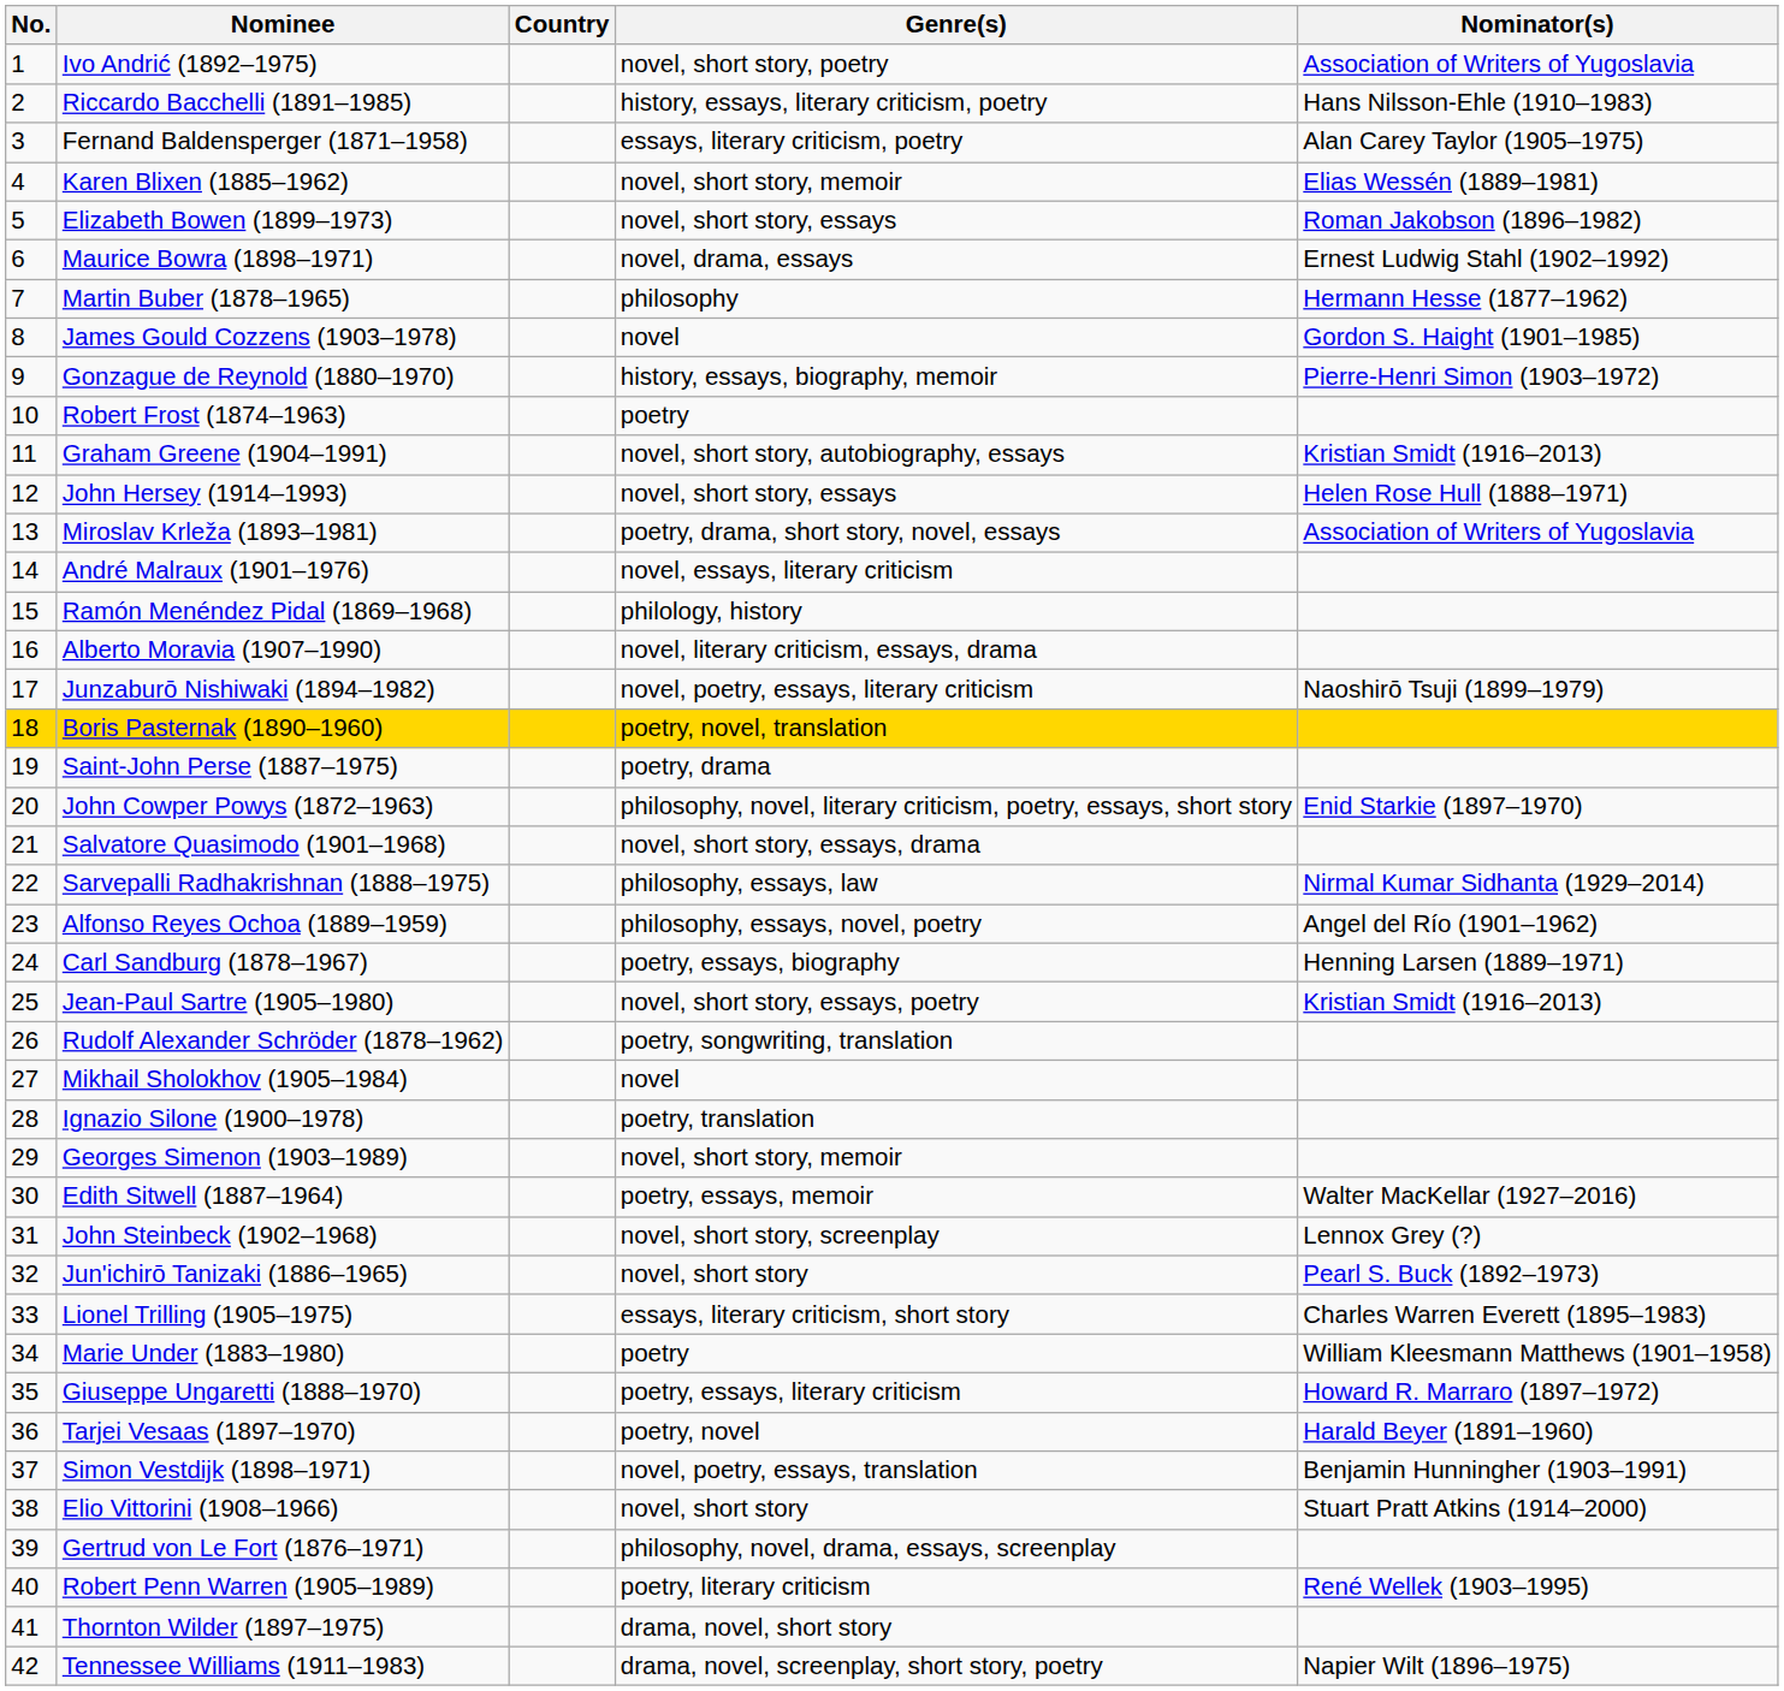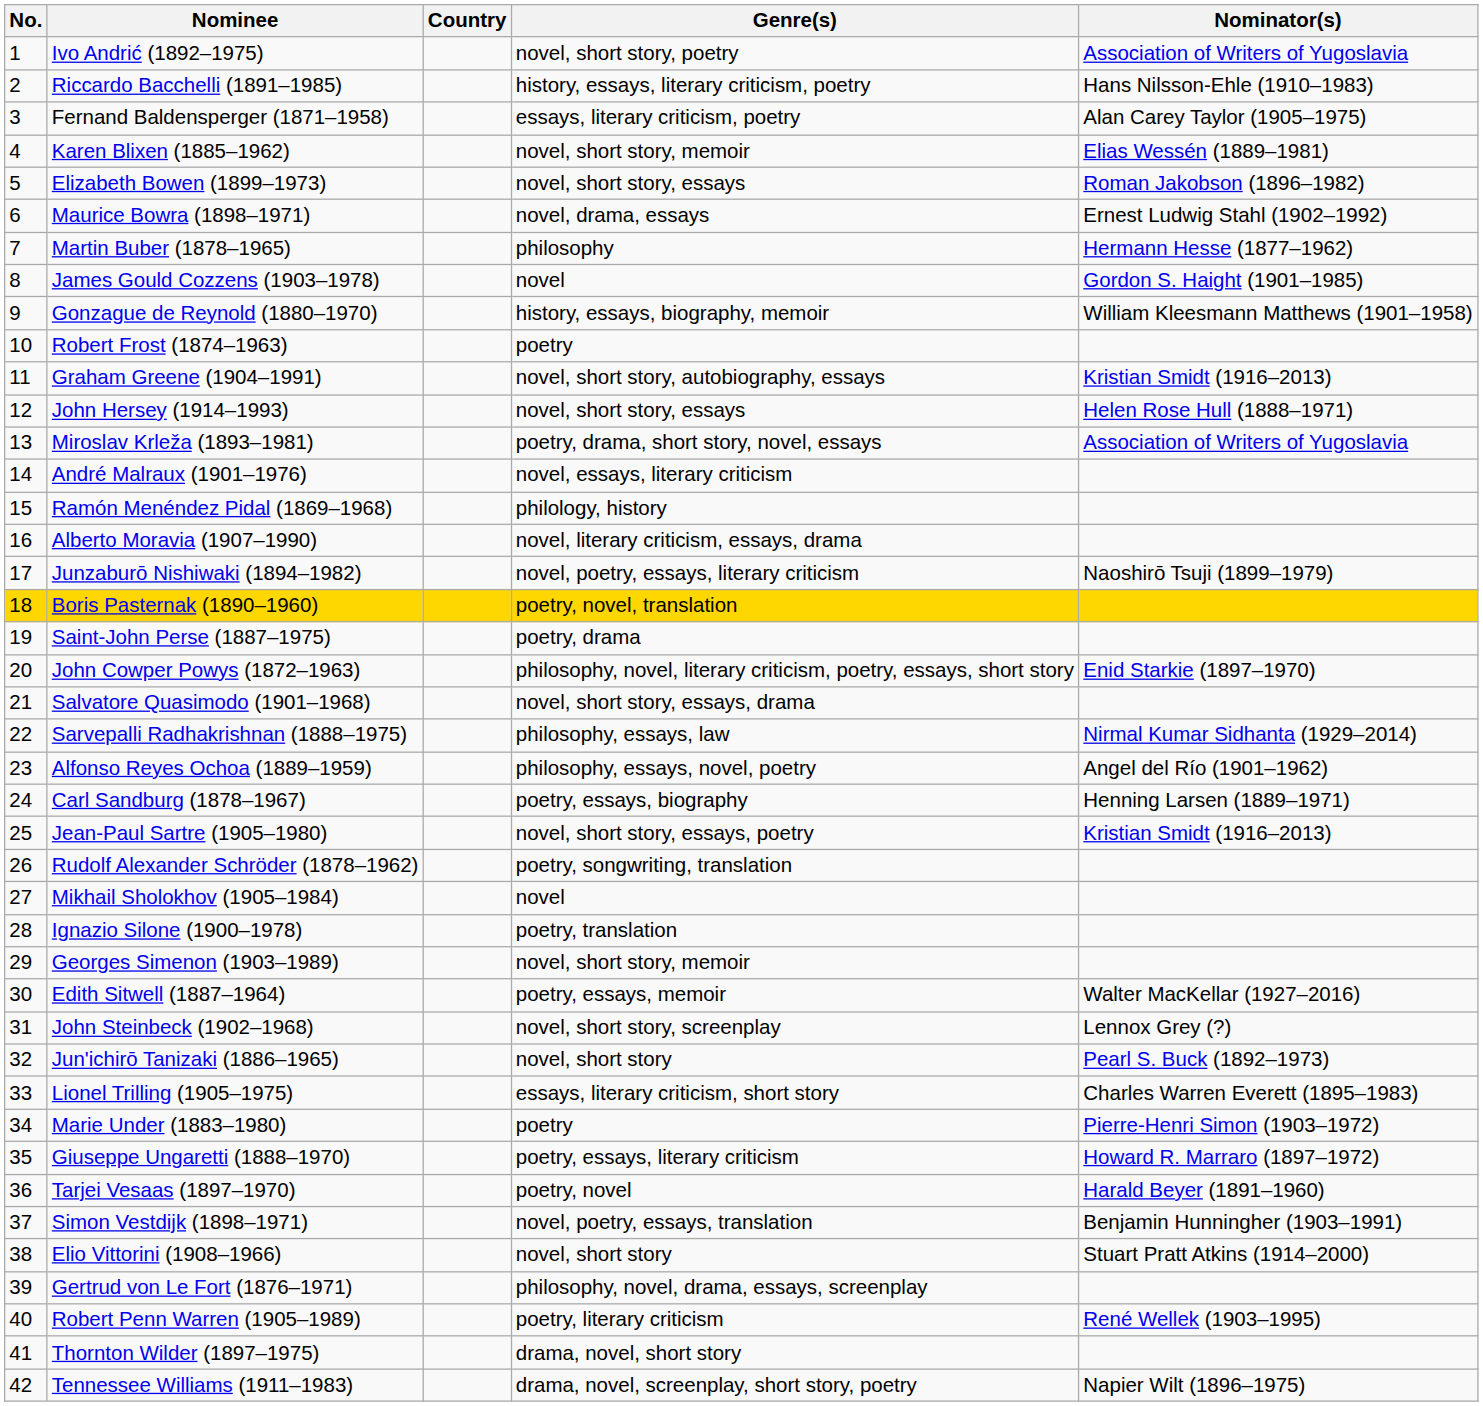 <table class="sortable wikitable mw-collapsible">
 <tr>
 <th scope=col>No.</th>
 <th scope=col>Nominee</th>
 <th scope=col>Country</th>
 <th scope=col>Genre(s)</th>
 <th scope=col>Nominator(s)</th>
 </tr>
 <tr>
 <td>1</td>
 <td><a href='#'>Ivo Andrić</a> (1892–1975)</td>
 <td></td>
 <td>novel, short story, poetry</td>
 <td><a href='#'>Association of Writers of Yugoslavia</a></td>
 </tr>
 <tr>
 <td>2</td>
 <td><a href='#'>Riccardo Bacchelli</a> (1891–1985)</td>
 <td></td>
 <td>history, essays, literary criticism, poetry</td>
 <td>Hans Nilsson-Ehle (1910–1983)</td>
 </tr>
 <tr>
 <td>3</td>
 <td>Fernand Baldensperger (1871–1958)</td>
 <td></td>
 <td>essays, literary criticism, poetry</td>
 <td>Alan Carey Taylor (1905–1975)</td>
 </tr>
 <tr>
 <td>4</td>
 <td><a href='#'>Karen Blixen</a> (1885–1962)</td>
 <td></td>
 <td>novel, short story, memoir</td>
 <td><a href='#'>Elias Wessén</a> (1889–1981)</td>
 </tr>
 <tr>
 <td>5</td>
 <td><a href='#'>Elizabeth Bowen</a> (1899–1973)</td>
 <td><br></td>
 <td>novel, short story, essays</td>
 <td><a href='#'>Roman Jakobson</a> (1896–1982)</td>
 </tr>
 <tr>
 <td>6</td>
 <td><a href='#'>Maurice Bowra</a> (1898–1971)</td>
 <td></td>
 <td>novel, drama, essays</td>
 <td>Ernest Ludwig Stahl (1902–1992)</td>
 </tr>
 <tr>
 <td>7</td>
 <td><a href='#'>Martin Buber</a> (1878–1965)</td>
 <td><br></td>
 <td>philosophy</td>
 <td> <a href='#'>Hermann Hesse</a> (1877–1962)</td>
 </tr>
 <tr>
 <td>8</td>
 <td><a href='#'>James Gould Cozzens</a> (1903–1978)</td>
 <td></td>
 <td>novel</td>
 <td><a href='#'>Gordon S. Haight</a> (1901–1985)</td>
 </tr>
 <tr>
 <td>9</td>
 <td><a href='#'>Gonzague de Reynold</a> (1880–1970)</td>
 <td></td>
 <td>history, essays, biography, memoir</td>
-<td><a href='#'>Pierre-Henri Simon</a> (1903–1972)</td>
+<td>William Kleesmann Matthews (1901–1958)</td>
 </tr>
 <tr>
 <td>10</td>
 <td><a href='#'>Robert Frost</a> (1874–1963)</td>
 <td></td>
 <td>poetry</td>
 <td></td>
 </tr>
 <tr>
 <td>11</td>
 <td><a href='#'>Graham Greene</a> (1904–1991)</td>
 <td></td>
 <td>novel, short story, autobiography, essays</td>
 <td><a href='#'>Kristian Smidt</a> (1916–2013)</td>
 </tr>
 <tr>
 <td>12</td>
 <td><a href='#'>John Hersey</a> (1914–1993)</td>
 <td></td>
 <td>novel, short story, essays</td>
 <td><a href='#'>Helen Rose Hull</a> (1888–1971)</td>
 </tr>
 <tr>
 <td>13</td>
 <td><a href='#'>Miroslav Krleža</a> (1893–1981)</td>
 <td></td>
 <td>poetry, drama, short story, novel, essays</td>
 <td><a href='#'>Association of Writers of Yugoslavia</a></td>
 </tr>
 <tr>
 <td>14</td>
 <td><a href='#'>André Malraux</a> (1901–1976)</td>
 <td></td>
 <td>novel, essays, literary criticism</td>
 <td></td>
 </tr>
 <tr>
 <td>15</td>
 <td><a href='#'>Ramón Menéndez Pidal</a> (1869–1968)</td>
 <td></td>
 <td>philology, history</td>
 <td></td>
 </tr>
 <tr>
 <td>16</td>
 <td><a href='#'>Alberto Moravia</a> (1907–1990)</td>
 <td></td>
 <td>novel, literary criticism, essays, drama</td>
 <td></td>
 </tr>
 <tr>
 <td>17</td>
 <td><a href='#'>Junzaburō Nishiwaki</a> (1894–1982)</td>
 <td></td>
 <td>novel, poetry, essays, literary criticism</td>
 <td>Naoshirō Tsuji (1899–1979)</td>
 </tr>
 <tr>
 <td style="background:gold;white-space:nowrap">18</td>
 <td style="background:gold;white-space:nowrap"><a href='#'>Boris Pasternak</a> (1890–1960)</td>
 <td style="background:gold;white-space:nowrap"></td>
 <td style="background:gold;white-space:nowrap">poetry, novel, translation</td>
 <td style="background:gold;white-space:nowrap"></td>
 </tr>
 <tr>
 <td>19</td>
 <td><a href='#'>Saint-John Perse</a> (1887–1975)</td>
 <td></td>
 <td>poetry, drama</td>
 <td></td>
 </tr>
 <tr>
 <td>20</td>
 <td><a href='#'>John Cowper Powys</a> (1872–1963)</td>
 <td></td>
 <td>philosophy, novel, literary criticism, poetry, essays, short story</td>
 <td><a href='#'>Enid Starkie</a> (1897–1970)</td>
 </tr>
 <tr>
 <td>21</td>
 <td><a href='#'>Salvatore Quasimodo</a> (1901–1968)</td>
 <td></td>
 <td>novel, short story, essays, drama</td>
 <td></td>
 </tr>
 <tr>
 <td>22</td>
 <td><a href='#'>Sarvepalli Radhakrishnan</a> (1888–1975)</td>
 <td></td>
 <td>philosophy, essays, law</td>
 <td><a href='#'>Nirmal Kumar Sidhanta</a> (1929–2014)</td>
 </tr>
 <tr>
 <td>23</td>
 <td><a href='#'>Alfonso Reyes Ochoa</a> (1889–1959)</td>
 <td></td>
 <td>philosophy, essays, novel, poetry</td>
 <td>Angel del Río (1901–1962)</td>
 </tr>
 <tr>
 <td>24</td>
 <td><a href='#'>Carl Sandburg</a> (1878–1967)</td>
 <td></td>
 <td>poetry, essays, biography</td>
 <td>Henning Larsen (1889–1971)</td>
 </tr>
 <tr>
 <td>25</td>
 <td><a href='#'>Jean-Paul Sartre</a> (1905–1980)</td>
 <td></td>
 <td>novel, short story, essays, poetry</td>
 <td><a href='#'>Kristian Smidt</a> (1916–2013)</td>
 </tr>
 <tr>
 <td>26</td>
 <td><a href='#'>Rudolf Alexander Schröder</a> (1878–1962)</td>
 <td></td>
 <td>poetry, songwriting, translation</td>
 <td></td>
 </tr>
 <tr>
 <td>27</td>
 <td><a href='#'>Mikhail Sholokhov</a> (1905–1984)</td>
 <td></td>
 <td>novel</td>
 <td></td>
 </tr>
 <tr>
 <td>28</td>
 <td><a href='#'>Ignazio Silone</a> (1900–1978)</td>
 <td></td>
 <td>poetry, translation</td>
 <td></td>
 </tr>
 <tr>
 <td>29</td>
 <td><a href='#'>Georges Simenon</a> (1903–1989)</td>
 <td></td>
 <td>novel, short story, memoir</td>
 <td></td>
 </tr>
 <tr>
 <td>30</td>
 <td><a href='#'>Edith Sitwell</a> (1887–1964)</td>
 <td></td>
 <td>poetry, essays, memoir</td>
 <td>Walter MacKellar (1927–2016)</td>
 </tr>
 <tr>
 <td>31</td>
 <td><a href='#'>John Steinbeck</a> (1902–1968)</td>
 <td></td>
 <td>novel, short story, screenplay</td>
 <td>Lennox Grey (?)</td>
 </tr>
 <tr>
 <td>32</td>
 <td><a href='#'>Jun'ichirō Tanizaki</a> (1886–1965)</td>
 <td></td>
 <td>novel, short story</td>
 <td><a href='#'>Pearl S. Buck</a> (1892–1973)</td>
 </tr>
 <tr>
 <td>33</td>
 <td><a href='#'>Lionel Trilling</a> (1905–1975)</td>
 <td></td>
 <td>essays, literary criticism, short story</td>
 <td>Charles Warren Everett (1895–1983)</td>
 </tr>
 <tr>
 <td>34</td>
 <td><a href='#'>Marie Under</a> (1883–1980)</td>
 <td></td>
 <td>poetry</td>
-<td>William Kleesmann Matthews (1901–1958)</td>
+<td><a href='#'>Pierre-Henri Simon</a> (1903–1972)</td>
 </tr>
 <tr>
 <td>35</td>
 <td><a href='#'>Giuseppe Ungaretti</a> (1888–1970)</td>
 <td></td>
 <td>poetry, essays, literary criticism</td>
 <td><a href='#'>Howard R. Marraro</a> (1897–1972)</td>
 </tr>
 <tr>
 <td>36</td>
 <td><a href='#'>Tarjei Vesaas</a> (1897–1970)</td>
 <td></td>
 <td>poetry, novel</td>
 <td><a href='#'>Harald Beyer</a> (1891–1960)</td>
 </tr>
 <tr>
 <td>37</td>
 <td><a href='#'>Simon Vestdijk</a> (1898–1971)</td>
 <td></td>
 <td>novel, poetry, essays, translation</td>
 <td>Benjamin Hunningher (1903–1991)</td>
 </tr>
 <tr>
 <td>38</td>
 <td><a href='#'>Elio Vittorini</a> (1908–1966)</td>
 <td></td>
 <td>novel, short story</td>
 <td>Stuart Pratt Atkins (1914–2000)</td>
 </tr>
 <tr>
 <td>39</td>
 <td><a href='#'>Gertrud von Le Fort</a> (1876–1971)</td>
 <td></td>
 <td>philosophy, novel, drama, essays, screenplay</td>
 <td></td>
 </tr>
 <tr>
 <td>40</td>
 <td><a href='#'>Robert Penn Warren</a> (1905–1989)</td>
 <td></td>
 <td>poetry, literary criticism</td>
 <td><a href='#'>René Wellek</a> (1903–1995)</td>
 </tr>
 <tr>
 <td>41</td>
 <td><a href='#'>Thornton Wilder</a> (1897–1975)</td>
 <td></td>
 <td>drama, novel, short story</td>
 <td></td>
 </tr>
 <tr>
 <td>42</td>
 <td><a href='#'>Tennessee Williams</a> (1911–1983)</td>
 <td></td>
 <td>drama, novel, screenplay, short story, poetry</td>
 <td>Napier Wilt (1896–1975)</td>
 </tr>
 </table>
